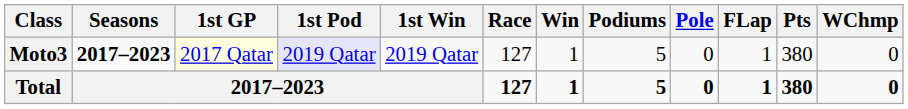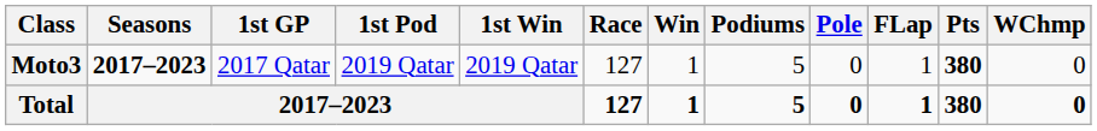 <table class="wikitable" style="text-align:right;">
 <tr>
 <th>Class</th>
 <th>Seasons</th>
 <th>1st GP</th>
 <th>1st Pod</th>
 <th>1st Win</th>
 <th>Race</th>
 <th>Win</th>
 <th>Podiums</th>
 <th><a href='#'>Pole</a></th>
 <th>FLap</th>
 <th>Pts</th>
 <th>WChmp</th>
 </tr>
 <tr>
 <th>Moto3</th>
 <td><strong>2017–2023</strong></td>
-<td style="background: lightyellow; text-align:left;"><a href='#'>2017 Qatar</a></td>
-<td style="background: lavender; text-align:left;"><a href='#'>2019 Qatar</a></td>
+<td style="text-align:left;"><a href='#'>2017 Qatar</a></td>
+<td style="text-align:left;"><a href='#'>2019 Qatar</a></td>
 <td style="text-align:left;"><a href='#'>2019 Qatar</a></td>
 <td>127</td>
 <td>1</td>
 <td>5</td>
 <td>0</td>
 <td>1</td>
-<td>380</td>
+<td><strong>380</strong></td>
 <td>0</td>
 </tr>
 <tr>
 <th>Total</th>
 <th colspan="4">2017–2023</th>
 <td><strong>127</strong></td>
 <td><strong>1</strong></td>
 <td><strong>5</strong></td>
 <td><strong>0</strong></td>
 <td><strong>1</strong></td>
 <td><strong>380</strong></td>
 <td><strong>0</strong></td>
 </tr>
 </table>
